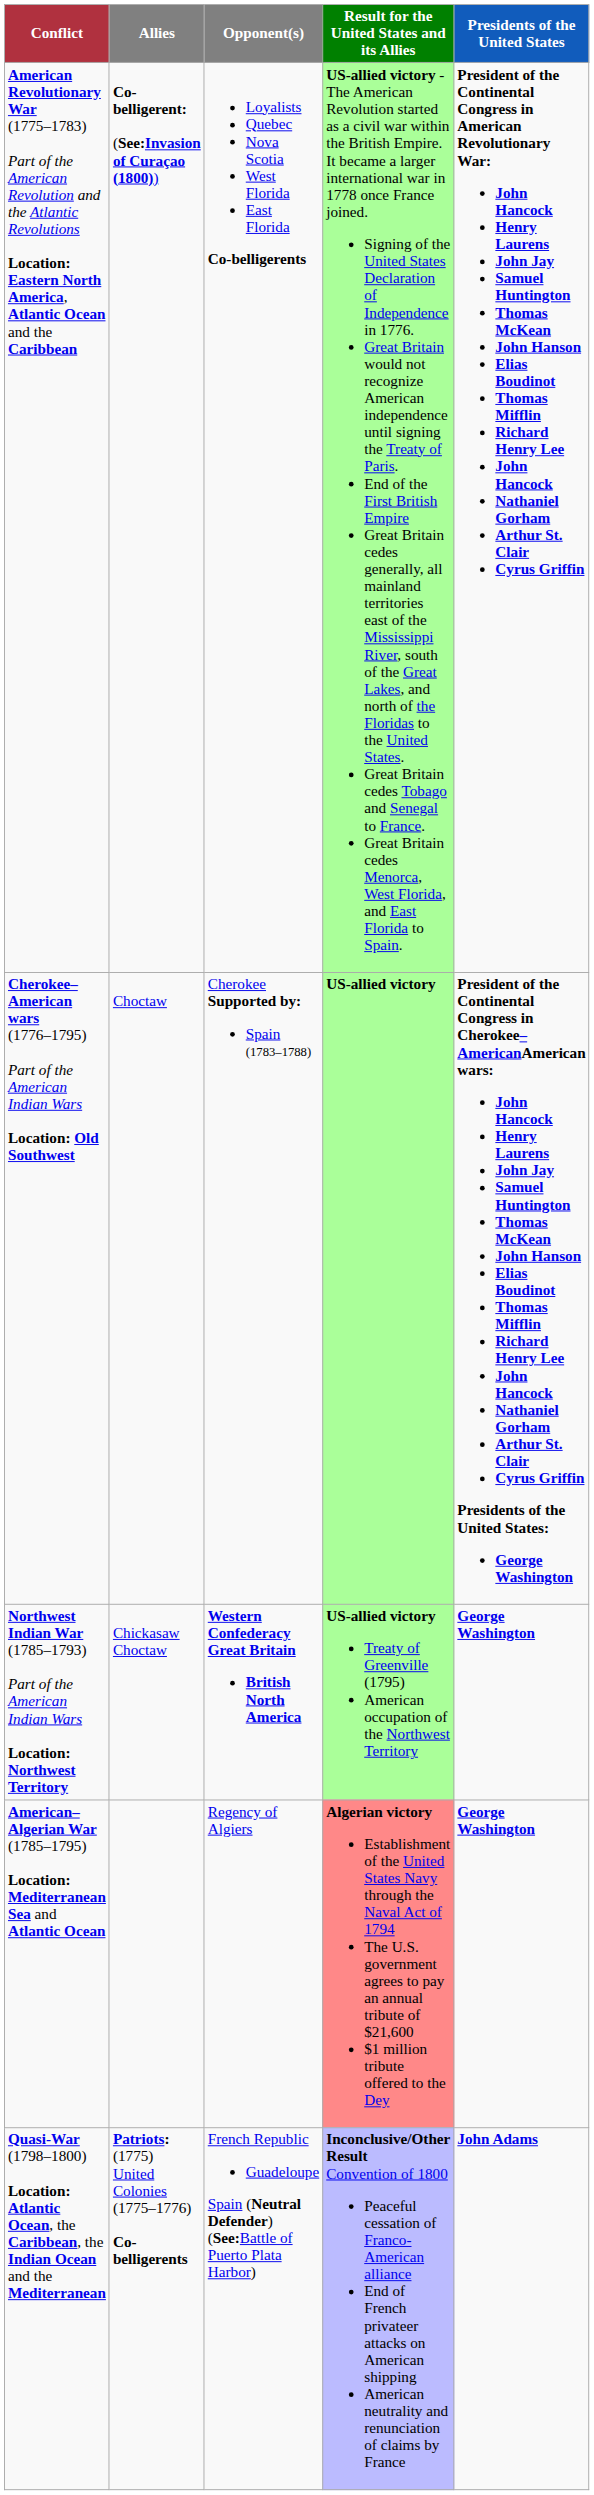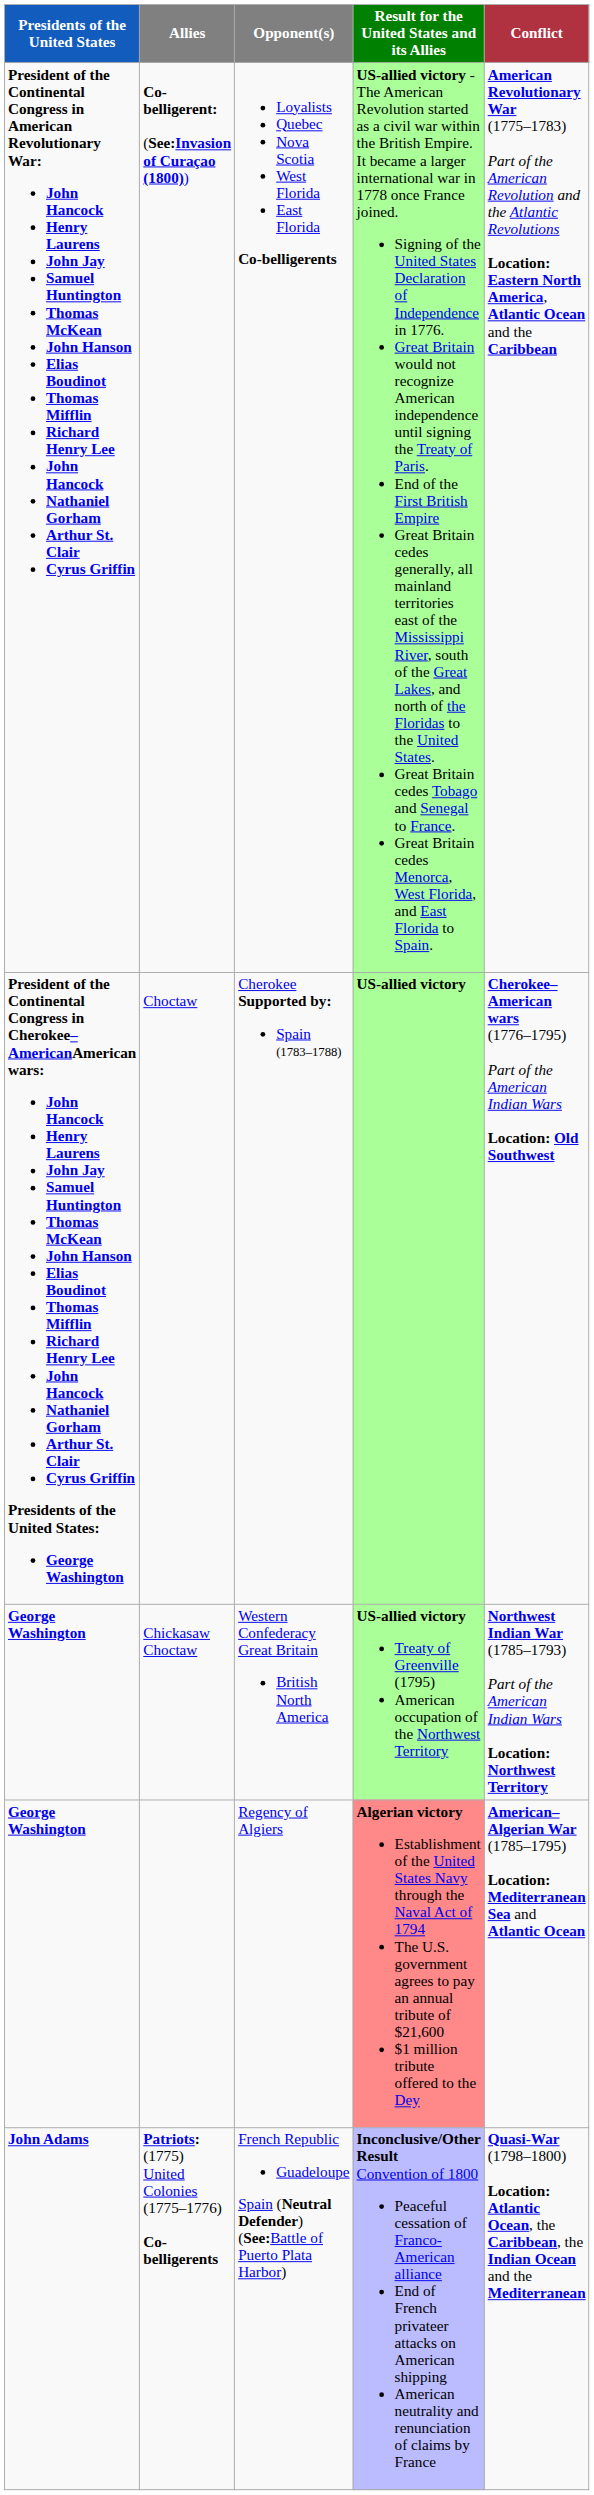 <table class="wikitable sticky-header">
 <tr style="color: white">
-<th style="background:#b0313f; width:350px;"><span>Conflict</span></th>
+<th style="background:#115cbc; width:260px;"><span>Presidents of the United States</span></th>
 <th style="background:gray; width:190px;"><span>Allies</span></th>
 <th style="background:gray; width:180px;"><span>Opponent(s)</span></th>
 <th style="background:green; width:270px;"><span>Result for the United States and its Allies</span></th>
-<th style="background:#115cbc; width:260px;"><span>Presidents of the United States</span></th>
+<th style="background:#b0313f; width:350px;"><span>Conflict</span></th>
 </tr>
 <tr valign=top>
-<td><strong><a href='#'>American Revolutionary War</a></strong><br>(1775–1783)<br><br><em>Part of the <a href='#'>American Revolution</a> and the <a href='#'>Atlantic Revolutions</a></em><br><br><strong>Location:</strong> <strong><a href='#'>Eastern North America</a></strong>, <strong><a href='#'>Atlantic Ocean</a></strong> and the <strong><a href='#'>Caribbean</a></strong><br></td>
+<td><strong>President of the Continental Congress in American Revolutionary War:</strong><br><ul><li><strong><a href='#'>John Hancock</a></strong></li><li><strong><a href='#'>Henry Laurens</a></strong></li><li><strong><a href='#'>John Jay</a></strong></li><li><strong><a href='#'>Samuel Huntington</a></strong></li><li><strong><a href='#'>Thomas McKean</a></strong></li><li><strong><a href='#'>John Hanson</a></strong></li><li><strong><a href='#'>Elias Boudinot</a></strong></li><li><strong><a href='#'>Thomas Mifflin</a></strong></li><li><strong><a href='#'>Richard Henry Lee</a></strong></li><li><strong><a href='#'>John Hancock</a></strong></li><li><strong><a href='#'>Nathaniel Gorham</a></strong></li><li><strong><a href='#'>Arthur St. Clair</a></strong></li><li><strong><a href='#'>Cyrus Griffin</a></strong></li></ul></td>
 <td><br><strong>Co-belligerent:</strong><br><br>(<strong>See:<a href='#'>Invasion of Curaçao (1800)</a></strong><a href='#'>)</a></td>
 <td><br><ul><li><a href='#'>Loyalists</a></li><li><a href='#'>Quebec</a></li><li><a href='#'>Nova Scotia</a></li><li><a href='#'>West Florida</a></li><li><a href='#'>East Florida</a></li></ul><strong>Co-belligerents</strong><br></td>
 <td style="Background:#AF9"><strong>US-allied victory</strong> - The American Revolution started as a civil war within the British Empire. It became a larger international war in 1778 once France joined.<br><ul><li>Signing of the <a href='#'>United States Declaration of Independence</a> in 1776.</li><li><a href='#'>Great Britain</a> would not recognize American independence until signing the <a href='#'>Treaty of Paris</a>.</li><li>End of the <a href='#'>First British Empire</a></li><li>Great Britain cedes generally, all mainland territories east of the <a href='#'>Mississippi River</a>, south of the <a href='#'>Great Lakes</a>, and north of <a href='#'>the Floridas</a> to the <a href='#'>United States</a>.</li><li>Great Britain cedes <a href='#'>Tobago</a> and <a href='#'>Senegal</a> to <a href='#'>France</a>.</li><li>Great Britain cedes <a href='#'>Menorca</a>, <a href='#'>West Florida</a>, and <a href='#'>East Florida</a> to <a href='#'>Spain</a>.</li></ul></td>
-<td><strong>President of the Continental Congress in American Revolutionary War:</strong><br><ul><li><strong><a href='#'>John Hancock</a></strong></li><li><strong><a href='#'>Henry Laurens</a></strong></li><li><strong><a href='#'>John Jay</a></strong></li><li><strong><a href='#'>Samuel Huntington</a></strong></li><li><strong><a href='#'>Thomas McKean</a></strong></li><li><strong><a href='#'>John Hanson</a></strong></li><li><strong><a href='#'>Elias Boudinot</a></strong></li><li><strong><a href='#'>Thomas Mifflin</a></strong></li><li><strong><a href='#'>Richard Henry Lee</a></strong></li><li><strong><a href='#'>John Hancock</a></strong></li><li><strong><a href='#'>Nathaniel Gorham</a></strong></li><li><strong><a href='#'>Arthur St. Clair</a></strong></li><li><strong><a href='#'>Cyrus Griffin</a></strong></li></ul></td>
+<td><strong><a href='#'>American Revolutionary War</a></strong><br>(1775–1783)<br><br><em>Part of the <a href='#'>American Revolution</a> and the <a href='#'>Atlantic Revolutions</a></em><br><br><strong>Location:</strong> <strong><a href='#'>Eastern North America</a></strong>, <strong><a href='#'>Atlantic Ocean</a></strong> and the <strong><a href='#'>Caribbean</a></strong><br></td>
 </tr>
 <tr valign=top>
-<td><strong><a href='#'>Cherokee–American wars</a></strong><br>(1776–1795)<br><br><em>Part of the <a href='#'>American Indian Wars</a></em><br><br><strong>Location:</strong> <strong><a href='#'>Old Southwest</a></strong><br></td>
+<td><strong>President of the Continental Congress in Cherokee<a href='#'>–American</a>American wars:</strong><br><ul><li><strong><a href='#'>John Hancock</a></strong></li><li><strong><a href='#'>Henry Laurens</a></strong></li><li><strong><a href='#'>John Jay</a></strong></li><li><strong><a href='#'>Samuel Huntington</a></strong></li><li><strong><a href='#'>Thomas McKean</a></strong></li><li><strong><a href='#'>John Hanson</a></strong></li><li><strong><a href='#'>Elias Boudinot</a></strong></li><li><strong><a href='#'>Thomas Mifflin</a></strong></li><li><strong><a href='#'>Richard Henry Lee</a></strong></li><li><strong><a href='#'>John Hancock</a></strong></li><li><strong><a href='#'>Nathaniel Gorham</a></strong></li><li><strong><a href='#'>Arthur St. Clair</a></strong></li><li><strong><a href='#'>Cyrus Griffin</a></strong></li></ul><strong>Presidents of the United States:</strong><ul><li><strong><a href='#'>George Washington</a></strong></li></ul></td>
 <td><br><a href='#'>Choctaw</a></td>
 <td><a href='#'>Cherokee</a><br><strong>Supported by:</strong><ul><li> <a href='#'>Spain</a> <small>(1783–1788)</small></li></ul></td>
 <td style="Background:#AF9"><strong>US-allied victory</strong></td>
-<td><strong>President of the Continental Congress in Cherokee<a href='#'>–American</a>American wars:</strong><br><ul><li><strong><a href='#'>John Hancock</a></strong></li><li><strong><a href='#'>Henry Laurens</a></strong></li><li><strong><a href='#'>John Jay</a></strong></li><li><strong><a href='#'>Samuel Huntington</a></strong></li><li><strong><a href='#'>Thomas McKean</a></strong></li><li><strong><a href='#'>John Hanson</a></strong></li><li><strong><a href='#'>Elias Boudinot</a></strong></li><li><strong><a href='#'>Thomas Mifflin</a></strong></li><li><strong><a href='#'>Richard Henry Lee</a></strong></li><li><strong><a href='#'>John Hancock</a></strong></li><li><strong><a href='#'>Nathaniel Gorham</a></strong></li><li><strong><a href='#'>Arthur St. Clair</a></strong></li><li><strong><a href='#'>Cyrus Griffin</a></strong></li></ul><strong>Presidents of the United States:</strong><ul><li><strong><a href='#'>George Washington</a></strong></li></ul></td>
+<td><strong><a href='#'>Cherokee–American wars</a></strong><br>(1776–1795)<br><br><em>Part of the <a href='#'>American Indian Wars</a></em><br><br><strong>Location:</strong> <strong><a href='#'>Old Southwest</a></strong><br></td>
 </tr>
 <tr valign=top>
+<td><strong><a href='#'>George Washington</a></strong></td>
+<td><br><a href='#'>Chickasaw</a><br><a href='#'>Choctaw</a></td>
+<td><a href='#'>Western Confederacy</a><br> <a href='#'>Great Britain</a><ul><li> <a href='#'>British North America</a></li></ul></td>
+<td style="Background:#AF9"><strong>US-allied victory</strong><br><ul><li><a href='#'>Treaty of Greenville</a> (1795)</li><li>American occupation of the <a href='#'>Northwest Territory</a></li></ul></td>
 <td><strong><a href='#'>Northwest Indian War</a></strong><br>(1785–1793)<br><br><em>Part of the <a href='#'>American Indian Wars</a></em><br><br><strong>Location:</strong> <strong><a href='#'>Northwest Territory</a></strong><br></td>
-<td><br><a href='#'>Chickasaw</a><br><a href='#'>Choctaw</a></td>
-<td><strong><a href='#'>Western Confederacy</a><br> <a href='#'>Great Britain</a><ul><li> <a href='#'>British North America</a></li></ul></strong></td>
-<td style="Background:#AF9"><strong>US-allied victory</strong><br><ul><li><a href='#'>Treaty of Greenville</a> (1795)</li><li>American occupation of the <a href='#'>Northwest Territory</a></li></ul></td>
-<td><strong><a href='#'>George Washington</a></strong></td>
 </tr>
 <tr valign=top>
-<td><strong><a href='#'>American–Algerian War</a></strong><br>(1785–1795)<br><br><strong>Location:</strong> <strong><a href='#'>Mediterranean Sea</a></strong> and <strong><a href='#'>Atlantic Ocean</a></strong></td>
+<td><strong><a href='#'>George Washington</a></strong></td>
 <td></td>
 <td> <a href='#'>Regency of Algiers</a></td>
 <td style="background:#F88"><strong>Algerian victory</strong><br><ul><li>Establishment of the <a href='#'>United States Navy</a> through the <a href='#'>Naval Act of 1794</a></li><li>The U.S. government agrees to pay an annual tribute of $21,600</li><li>$1 million tribute offered to the <a href='#'>Dey</a></li></ul></td>
-<td><strong><a href='#'>George Washington</a></strong></td>
+<td><strong><a href='#'>American–Algerian War</a></strong><br>(1785–1795)<br><br><strong>Location:</strong> <strong><a href='#'>Mediterranean Sea</a></strong> and <strong><a href='#'>Atlantic Ocean</a></strong></td>
 </tr>
 <tr valign=top>
-<td><strong><a href='#'>Quasi-War</a></strong><br>(1798–1800)<br><br><strong>Location:</strong> <strong><a href='#'>Atlantic Ocean</a></strong>, the <strong><a href='#'>Caribbean</a></strong>, the <strong><a href='#'>Indian Ocean</a></strong> and the <strong><a href='#'>Mediterranean</a></strong></td>
+<td><strong><a href='#'>John Adams</a></strong></td>
 <td><strong><a href='#'>Patriots</a>:</strong><br> (1775)<br> <a href='#'>United Colonies</a> (1775–1776)<br><br><strong>Co-belligerents</strong><br>  </td>
 <td> <a href='#'>French Republic</a><br><ul><li> <a href='#'>Guadeloupe</a></li></ul> <a href='#'>Spain</a> (<strong>Neutral Defender</strong>)<br>(<strong>See:</strong><a href='#'>Battle of Puerto Plata Harbor</a>)</td>
 <td style="Background:#BBF"><strong>Inconclusive/Other Result</strong><br><a href='#'>Convention of 1800</a><ul><li>Peaceful cessation of <a href='#'>Franco-American alliance</a></li><li>End of French privateer attacks on American shipping</li><li>American neutrality and renunciation of claims by France</li></ul></td>
-<td><strong><a href='#'>John Adams</a></strong></td>
+<td><strong><a href='#'>Quasi-War</a></strong><br>(1798–1800)<br><br><strong>Location:</strong> <strong><a href='#'>Atlantic Ocean</a></strong>, the <strong><a href='#'>Caribbean</a></strong>, the <strong><a href='#'>Indian Ocean</a></strong> and the <strong><a href='#'>Mediterranean</a></strong></td>
 </tr>
 </table>
